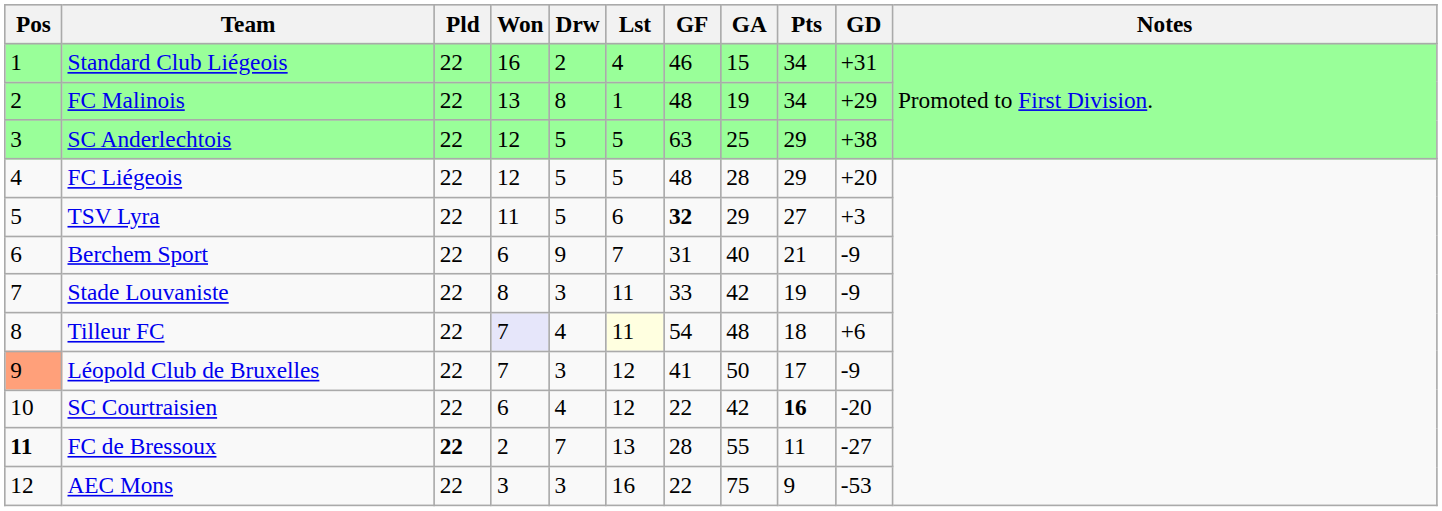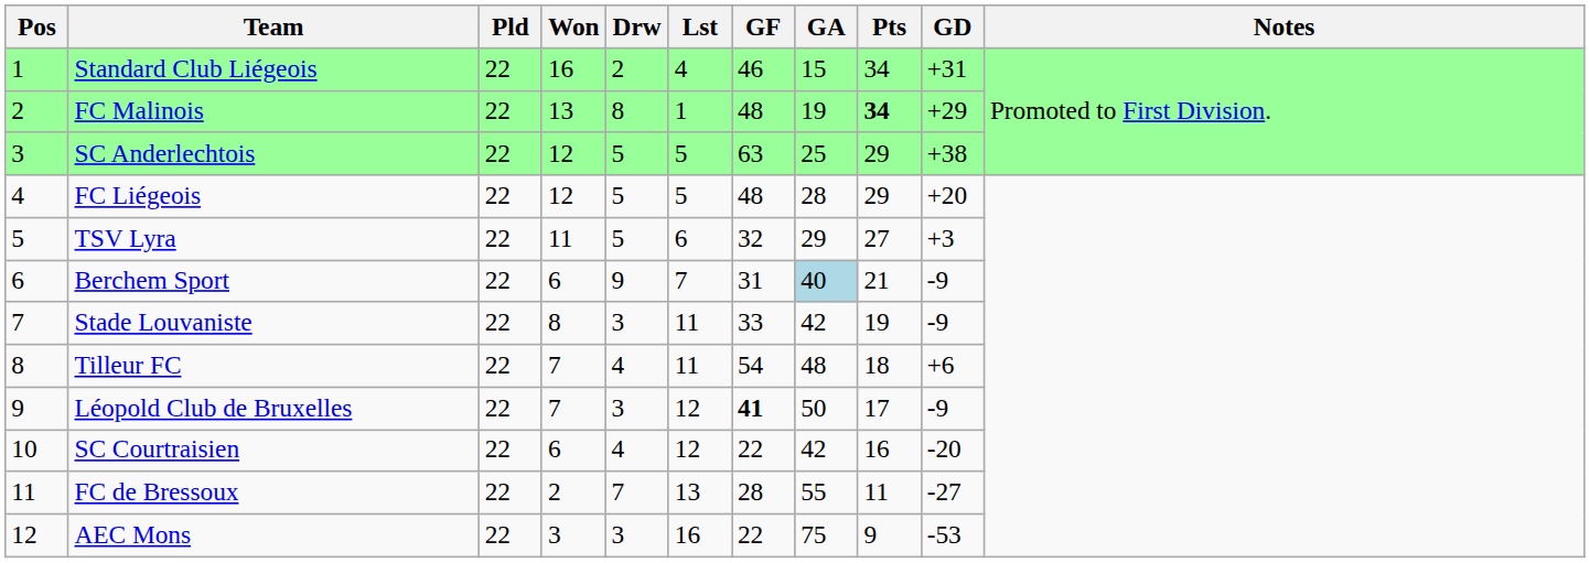 <table class="wikitable" width=70% style="font-size:90%">
 <tr>
 <th width=4%><strong>Pos</strong></th>
 <th width=26%><strong>Team</strong></th>
 <th width=4%><strong>Pld</strong></th>
 <th width=4%><strong>Won</strong></th>
 <th width=4%><strong>Drw</strong></th>
 <th width=4%><strong>Lst</strong></th>
 <th width=4%><strong>GF</strong></th>
 <th width=4%><strong>GA</strong></th>
 <th width=4%><strong>Pts</strong></th>
 <th width=4%><strong>GD</strong></th>
 <th width=38%><strong>Notes</strong></th>
 </tr>
 <tr bgcolor=#99ff99>
 <td>1</td>
 <td><a href='#'>Standard Club Liégeois</a></td>
 <td>22</td>
 <td>16</td>
 <td>2</td>
 <td>4</td>
 <td>46</td>
 <td>15</td>
 <td>34</td>
 <td>+31</td>
 <td rowspan=3>Promoted to <a href='#'>First Division</a>.</td>
 </tr>
 <tr bgcolor=#99ff99>
 <td>2</td>
 <td><a href='#'>FC Malinois</a></td>
 <td>22</td>
 <td>13</td>
 <td>8</td>
 <td>1</td>
 <td>48</td>
 <td>19</td>
-<td>34</td>
+<td><strong>34</strong></td>
 <td>+29</td>
 </tr>
 <tr bgcolor=#99ff99>
 <td>3</td>
 <td><a href='#'>SC Anderlechtois</a></td>
 <td>22</td>
 <td>12</td>
 <td>5</td>
 <td>5</td>
 <td>63</td>
 <td>25</td>
 <td>29</td>
 <td>+38</td>
 </tr>
 <tr>
 <td>4</td>
 <td><a href='#'>FC Liégeois</a></td>
 <td>22</td>
 <td>12</td>
 <td>5</td>
 <td>5</td>
 <td>48</td>
 <td>28</td>
 <td>29</td>
 <td>+20</td>
 </tr>
 <tr>
 <td>5</td>
 <td><a href='#'>TSV Lyra</a></td>
 <td>22</td>
 <td>11</td>
 <td>5</td>
 <td>6</td>
-<td><strong>32</strong></td>
+<td>32</td>
 <td>29</td>
 <td>27</td>
 <td>+3</td>
 </tr>
 <tr>
 <td>6</td>
 <td><a href='#'>Berchem Sport</a></td>
 <td>22</td>
 <td>6</td>
 <td>9</td>
 <td>7</td>
 <td>31</td>
-<td>40</td>
+<td style="background: lightblue;">40</td>
 <td>21</td>
 <td>-9</td>
 </tr>
 <tr>
 <td>7</td>
 <td><a href='#'>Stade Louvaniste</a></td>
 <td>22</td>
 <td>8</td>
 <td>3</td>
 <td>11</td>
 <td>33</td>
 <td>42</td>
 <td>19</td>
 <td>-9</td>
 </tr>
 <tr>
 <td>8</td>
 <td><a href='#'>Tilleur FC</a></td>
 <td>22</td>
-<td style="background: lavender;">7</td>
+<td>7</td>
 <td>4</td>
-<td style="background: lightyellow;">11</td>
+<td>11</td>
 <td>54</td>
 <td>48</td>
 <td>18</td>
 <td>+6</td>
 </tr>
 <tr>
-<td style="background: lightsalmon;">9</td>
+<td>9</td>
 <td><a href='#'>Léopold Club de Bruxelles</a></td>
 <td>22</td>
 <td>7</td>
 <td>3</td>
 <td>12</td>
-<td>41</td>
+<td><strong>41</strong></td>
 <td>50</td>
 <td>17</td>
 <td>-9</td>
 </tr>
 <tr>
 <td>10</td>
 <td><a href='#'>SC Courtraisien</a></td>
 <td>22</td>
 <td>6</td>
 <td>4</td>
 <td>12</td>
 <td>22</td>
 <td>42</td>
-<td><strong>16</strong></td>
+<td>16</td>
 <td>-20</td>
 </tr>
 <tr>
-<td><strong>11</strong></td>
+<td>11</td>
 <td><a href='#'>FC de Bressoux</a></td>
-<td><strong>22</strong></td>
+<td>22</td>
 <td>2</td>
 <td>7</td>
 <td>13</td>
 <td>28</td>
 <td>55</td>
 <td>11</td>
 <td>-27</td>
 </tr>
 <tr>
 <td>12</td>
 <td><a href='#'>AEC Mons</a></td>
 <td>22</td>
 <td>3</td>
 <td>3</td>
 <td>16</td>
 <td>22</td>
 <td>75</td>
 <td>9</td>
 <td>-53</td>
 </tr>
 </table>
